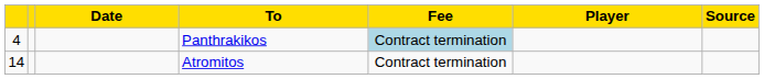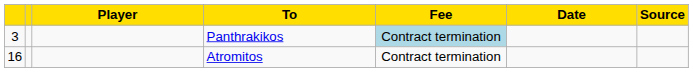 <table class="wikitable sortable">
 <tr>
 <th style="background:#FFDE00"></th>
 <th style="background:#FFDE00"></th>
-<th width=150 style="background:#FFDE00">Date</th>
+<th width=200 style="background:#FFDE00">Player</th>
 <th width=200 style="background:#FFDE00">To</th>
 <th width=150 style="background:#FFDE00">Fee</th>
-<th width=200 style="background:#FFDE00">Player</th>
+<th width=150 style="background:#FFDE00">Date</th>
 <th style="background:#FFDE00">Source</th>
 </tr>
 <tr>
-<td align=center>4</td>
+<td align=center>3</td>
 <td align=center></td>
-<td align=center></td>
+<td></td>
 <td> <a href='#'>Panthrakikos</a></td>
 <td align=center style="background: lightblue;">Contract termination</td>
-<td></td>
+<td align=center></td>
 <td align=center></td>
 </tr>
 <tr>
-<td align=center>14</td>
+<td align=center>16</td>
 <td align=center></td>
-<td align=center></td>
+<td></td>
 <td> <a href='#'>Atromitos</a></td>
 <td align=center>Contract termination</td>
-<td></td>
+<td align=center></td>
 <td align=center></td>
 </tr>
 </table>
